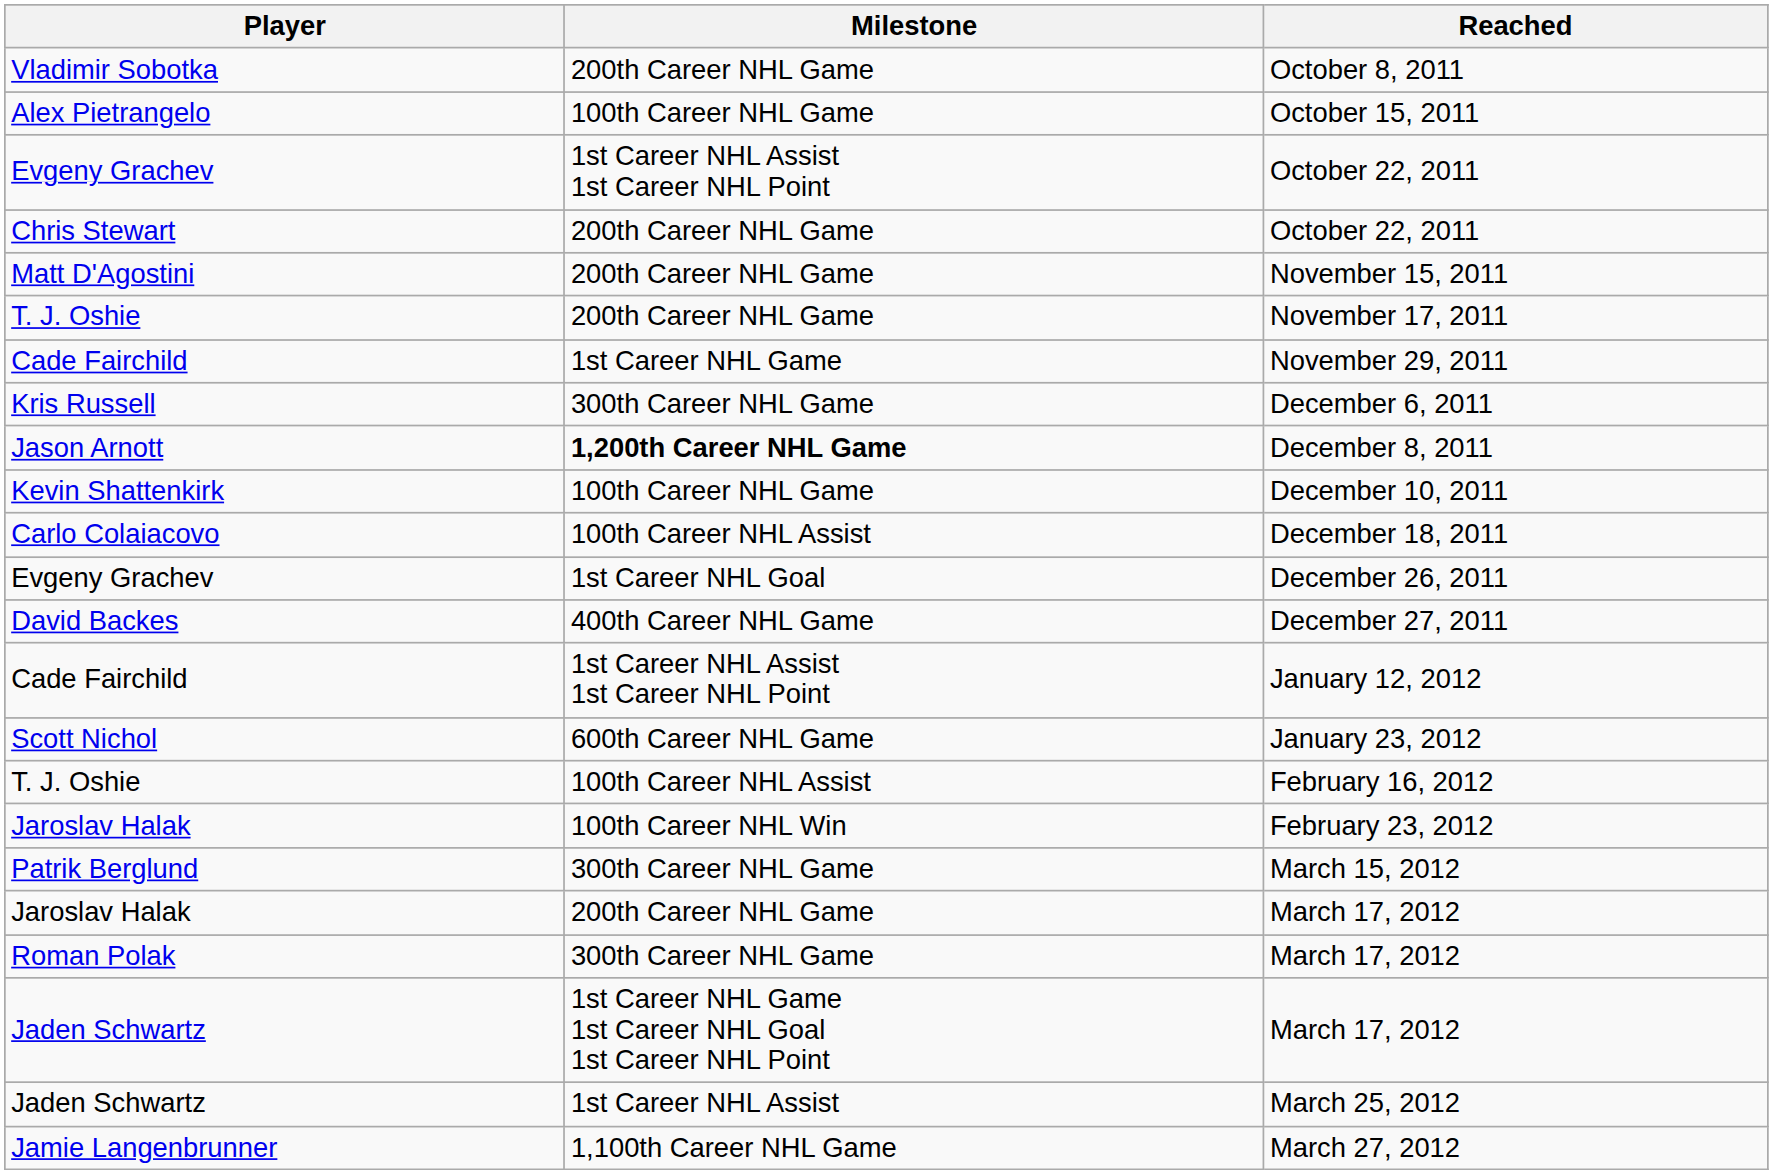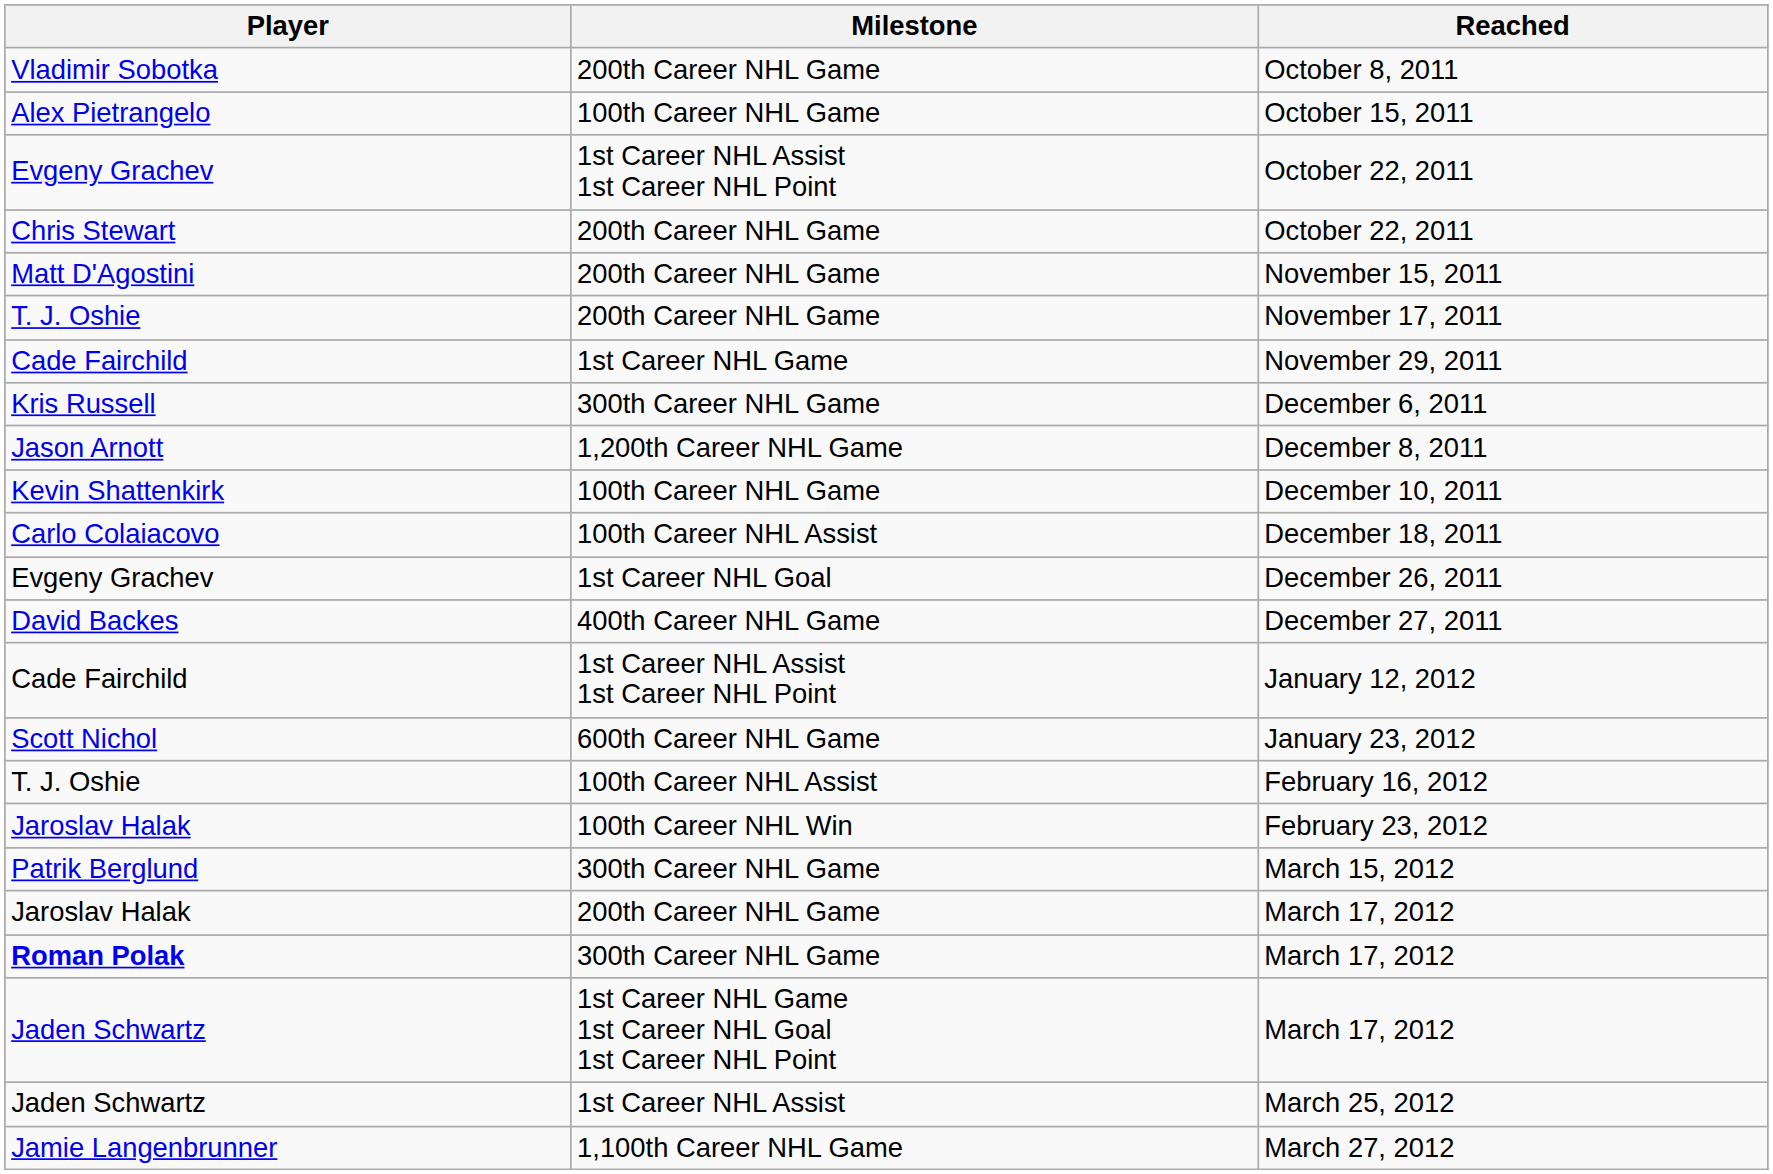 <table class="wikitable" width="52%">
 <tr>
 <th>Player</th>
 <th>Milestone</th>
 <th>Reached</th>
 </tr>
 <tr>
 <td><a href='#'>Vladimir Sobotka</a></td>
 <td>200th Career NHL Game</td>
 <td>October 8, 2011</td>
 </tr>
 <tr>
 <td><a href='#'>Alex Pietrangelo</a></td>
 <td>100th Career NHL Game</td>
 <td>October 15, 2011</td>
 </tr>
 <tr>
 <td><a href='#'>Evgeny Grachev</a></td>
 <td>1st Career NHL Assist<br>1st Career NHL Point</td>
 <td>October 22, 2011</td>
 </tr>
 <tr>
 <td><a href='#'>Chris Stewart</a></td>
 <td>200th Career NHL Game</td>
 <td>October 22, 2011</td>
 </tr>
 <tr>
 <td><a href='#'>Matt D'Agostini</a></td>
 <td>200th Career NHL Game</td>
 <td>November 15, 2011</td>
 </tr>
 <tr>
 <td><a href='#'>T. J. Oshie</a></td>
 <td>200th Career NHL Game</td>
 <td>November 17, 2011</td>
 </tr>
 <tr>
 <td><a href='#'>Cade Fairchild</a></td>
 <td>1st Career NHL Game</td>
 <td>November 29, 2011</td>
 </tr>
 <tr>
 <td><a href='#'>Kris Russell</a></td>
 <td>300th Career NHL Game</td>
 <td>December 6, 2011</td>
 </tr>
 <tr>
 <td><a href='#'>Jason Arnott</a></td>
-<td><strong>1,200th Career NHL Game</strong></td>
+<td>1,200th Career NHL Game</td>
 <td>December 8, 2011</td>
 </tr>
 <tr>
 <td><a href='#'>Kevin Shattenkirk</a></td>
 <td>100th Career NHL Game</td>
 <td>December 10, 2011</td>
 </tr>
 <tr>
 <td><a href='#'>Carlo Colaiacovo</a></td>
 <td>100th Career NHL Assist</td>
 <td>December 18, 2011</td>
 </tr>
 <tr>
 <td>Evgeny Grachev</td>
 <td>1st Career NHL Goal</td>
 <td>December 26, 2011</td>
 </tr>
 <tr>
 <td><a href='#'>David Backes</a></td>
 <td>400th Career NHL Game</td>
 <td>December 27, 2011</td>
 </tr>
 <tr>
 <td>Cade Fairchild</td>
 <td>1st Career NHL Assist<br>1st Career NHL Point</td>
 <td>January 12, 2012</td>
 </tr>
 <tr>
 <td><a href='#'>Scott Nichol</a></td>
 <td>600th Career NHL Game</td>
 <td>January 23, 2012</td>
 </tr>
 <tr>
 <td>T. J. Oshie</td>
 <td>100th Career NHL Assist</td>
 <td>February 16, 2012</td>
 </tr>
 <tr>
 <td><a href='#'>Jaroslav Halak</a></td>
 <td>100th Career NHL Win</td>
 <td>February 23, 2012</td>
 </tr>
 <tr>
 <td><a href='#'>Patrik Berglund</a></td>
 <td>300th Career NHL Game</td>
 <td>March 15, 2012</td>
 </tr>
 <tr>
 <td>Jaroslav Halak</td>
 <td>200th Career NHL Game</td>
 <td>March 17, 2012</td>
 </tr>
 <tr>
-<td><a href='#'>Roman Polak</a></td>
+<td><strong><a href='#'>Roman Polak</a></strong></td>
 <td>300th Career NHL Game</td>
 <td>March 17, 2012</td>
 </tr>
 <tr>
 <td><a href='#'>Jaden Schwartz</a></td>
 <td>1st Career NHL Game<br>1st Career NHL Goal<br>1st Career NHL Point </td>
 <td>March 17, 2012</td>
 </tr>
 <tr>
 <td>Jaden Schwartz</td>
 <td>1st Career NHL Assist</td>
 <td>March 25, 2012</td>
 </tr>
 <tr>
 <td><a href='#'>Jamie Langenbrunner</a></td>
 <td>1,100th Career NHL Game</td>
 <td>March 27, 2012</td>
 </tr>
 </table>
